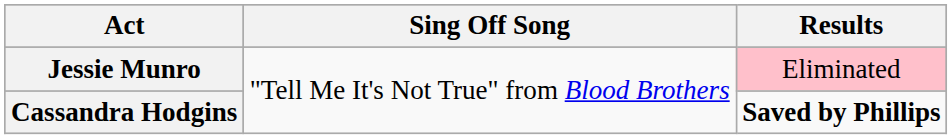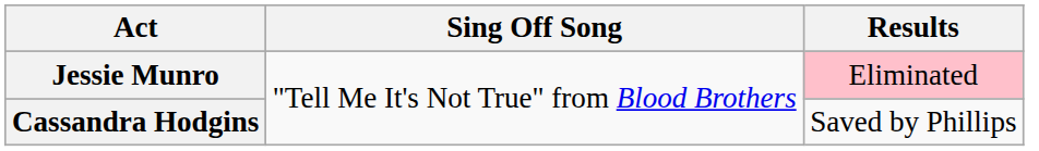 <table class="wikitable plainrowheaders" style="text-align:center;">
 <tr>
 <th scope="col">Act</th>
 <th scope="col">Sing Off Song</th>
 <th scope="col">Results</th>
 </tr>
 <tr>
 <th scope="row">Jessie Munro</th>
 <td rowspan="3">"Tell Me It's Not True" from <em><a href='#'>Blood Brothers</a></em></td>
 <td style="background:pink;">Eliminated</td>
 </tr>
 <tr>
 <th scope="row">Cassandra Hodgins</th>
-<td><strong>Saved by Phillips</strong></td>
+<td>Saved by Phillips</td>
 </tr>
 </table>
